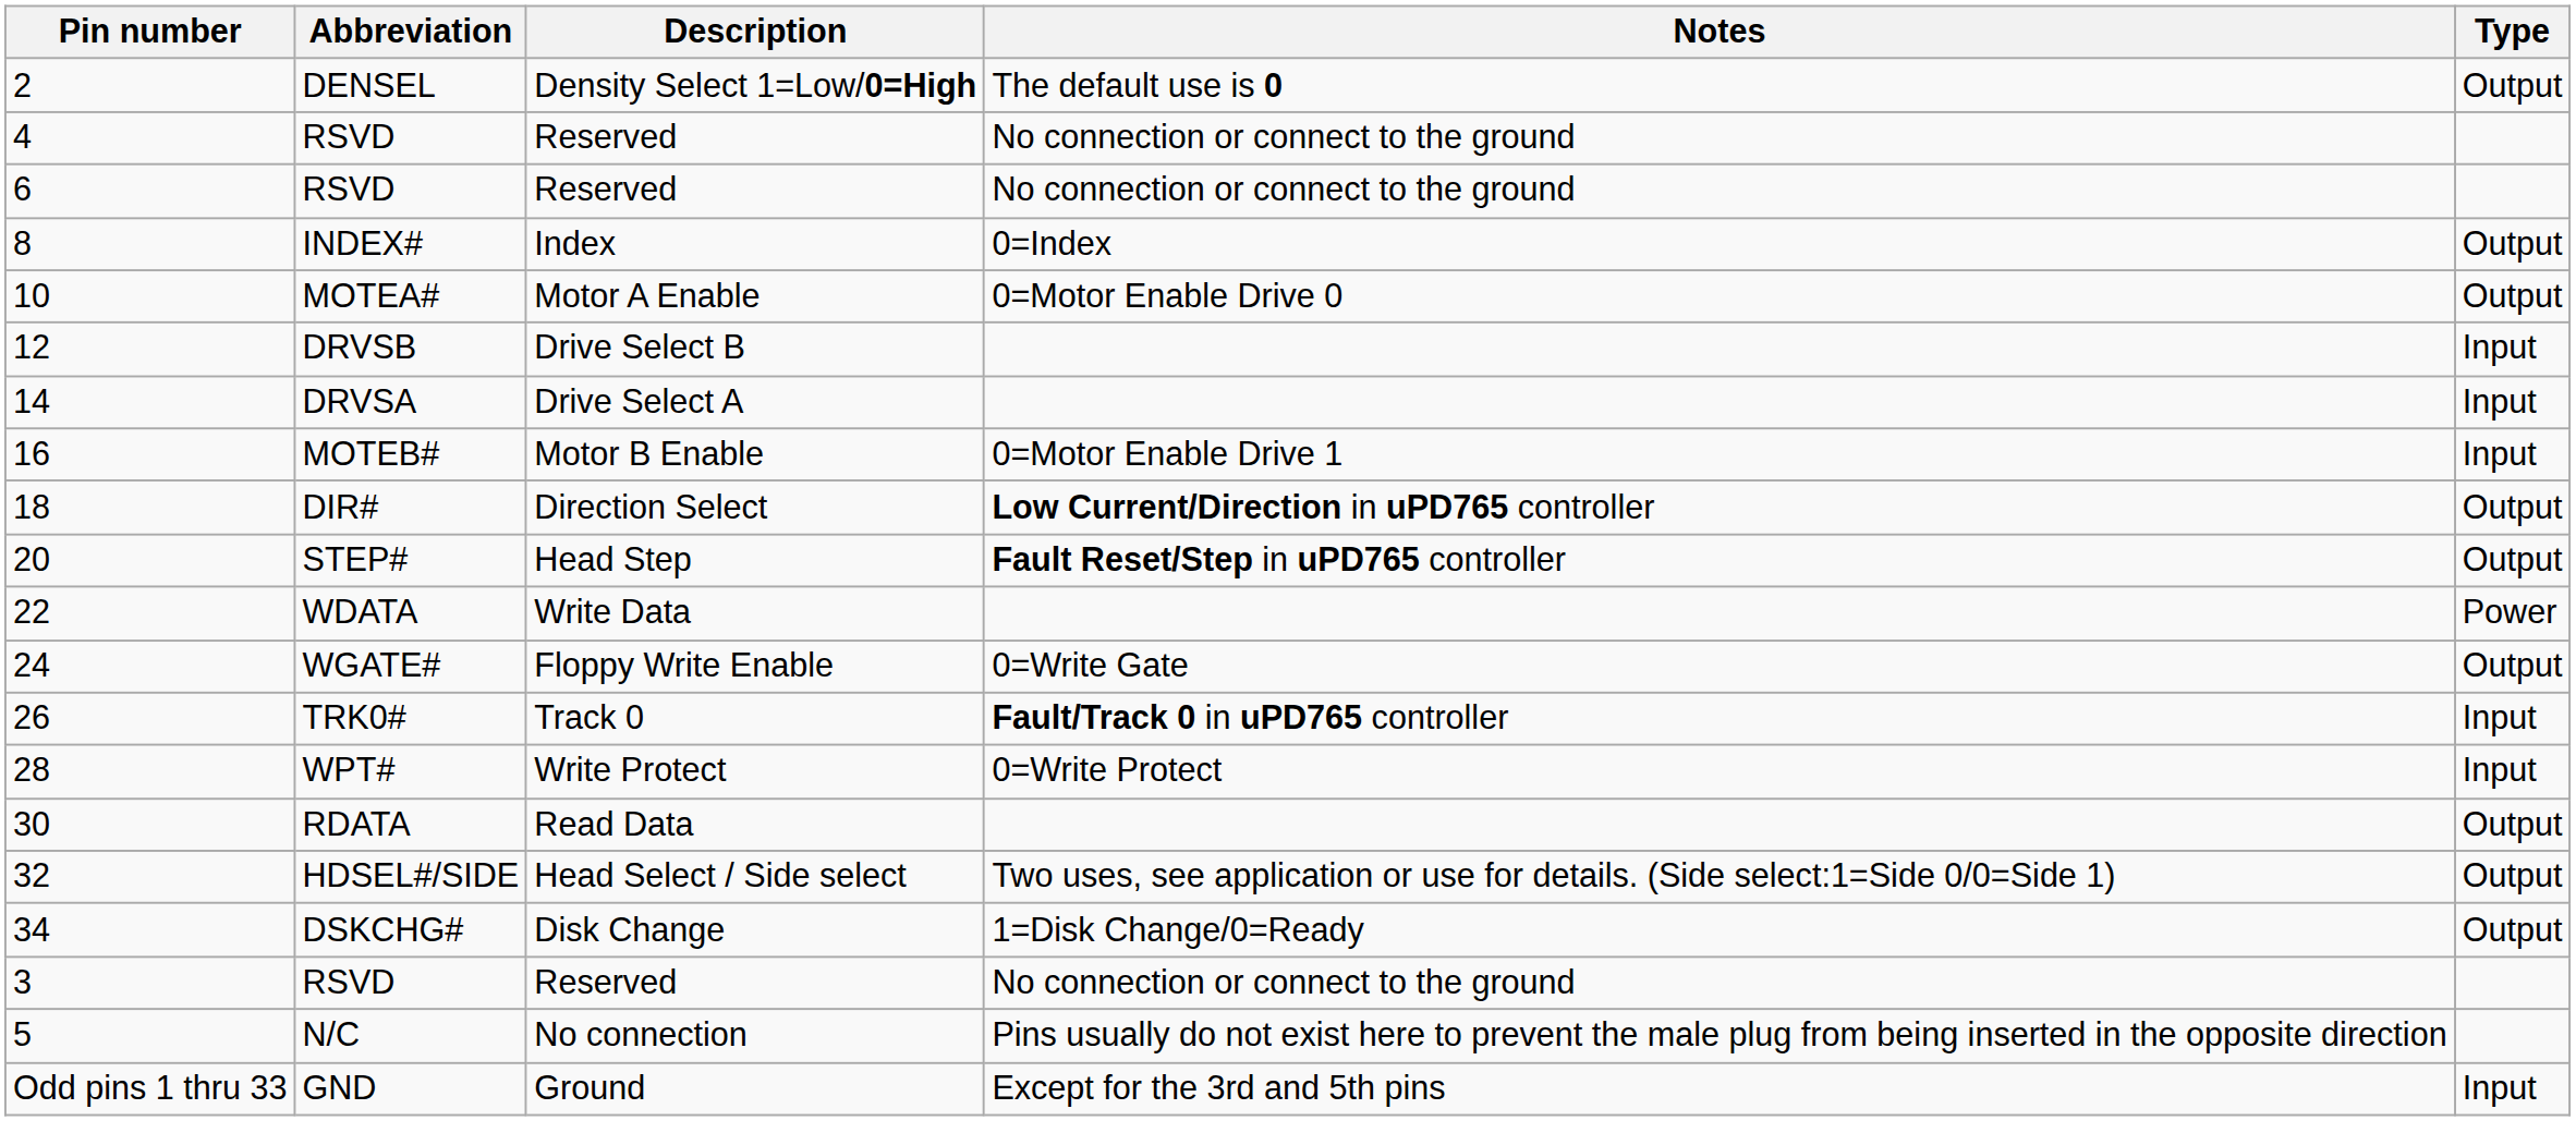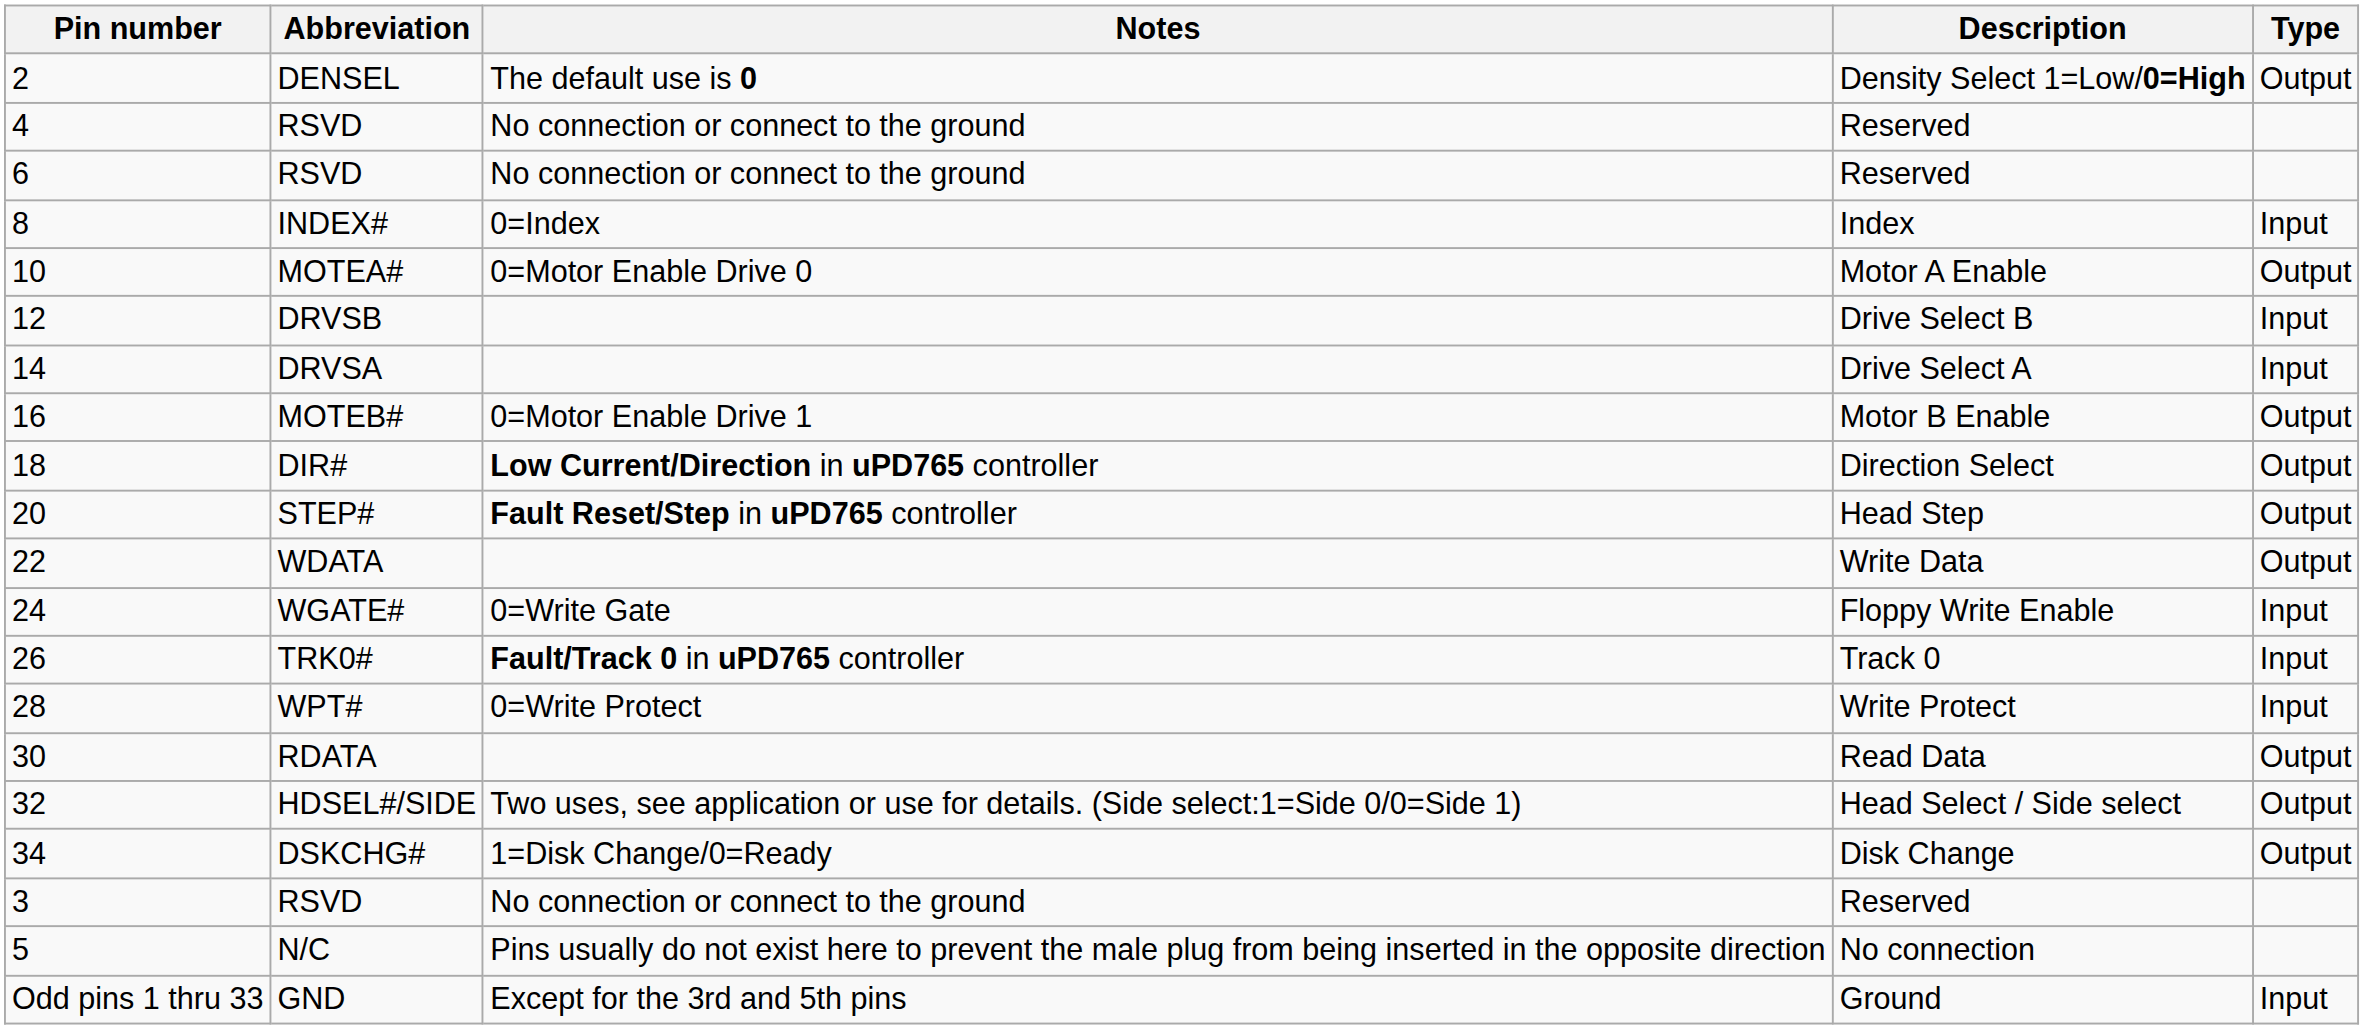 <table class="wikitable" style="border:1; display:inline-table">
 <tr>
 <th>Pin number</th>
 <th>Abbreviation</th>
+<th>Notes</th>
 <th>Description</th>
-<th>Notes</th>
 <th>Type</th>
 </tr>
 <tr>
 <td>2</td>
 <td>DENSEL</td>
+<td>The default use is <strong>0</strong></td>
 <td>Density Select 1=Low/<strong>0=High</strong></td>
-<td>The default use is <strong>0</strong></td>
 <td>Output</td>
 </tr>
 <tr>
 <td>4</td>
 <td>RSVD</td>
+<td>No connection or connect to the ground</td>
 <td>Reserved</td>
-<td>No connection or connect to the ground</td>
 <td></td>
 </tr>
 <tr>
 <td>6</td>
 <td>RSVD</td>
+<td>No connection or connect to the ground</td>
 <td>Reserved</td>
-<td>No connection or connect to the ground</td>
 <td></td>
 </tr>
 <tr>
 <td>8</td>
 <td>INDEX#</td>
+<td>0=Index</td>
 <td>Index</td>
-<td>0=Index</td>
-<td>Output</td>
+<td>Input</td>
 </tr>
 <tr>
 <td>10</td>
 <td>MOTEA#</td>
+<td>0=Motor Enable Drive 0</td>
 <td>Motor A Enable</td>
-<td>0=Motor Enable Drive 0</td>
 <td>Output</td>
 </tr>
 <tr>
 <td>12</td>
 <td>DRVSB</td>
+<td></td>
 <td>Drive Select B</td>
-<td></td>
 <td>Input</td>
 </tr>
 <tr>
 <td>14</td>
 <td>DRVSA</td>
+<td></td>
 <td>Drive Select A</td>
-<td></td>
 <td>Input</td>
 </tr>
 <tr>
 <td>16</td>
 <td>MOTEB#</td>
+<td>0=Motor  Enable Drive 1</td>
 <td>Motor B Enable</td>
-<td>0=Motor  Enable Drive 1</td>
-<td>Input</td>
+<td>Output</td>
 </tr>
 <tr>
 <td>18</td>
 <td>DIR#</td>
+<td><strong>Low   Current/Direction</strong> in <strong>uPD765</strong> controller</td>
 <td>Direction Select</td>
-<td><strong>Low   Current/Direction</strong> in <strong>uPD765</strong> controller</td>
 <td>Output</td>
 </tr>
 <tr>
 <td>20</td>
 <td>STEP#</td>
+<td><strong>Fault   Reset/Step</strong> in <strong>uPD765</strong> controller</td>
 <td>Head Step</td>
-<td><strong>Fault   Reset/Step</strong> in <strong>uPD765</strong> controller</td>
 <td>Output</td>
 </tr>
 <tr>
 <td>22</td>
 <td>WDATA</td>
+<td></td>
 <td>Write Data</td>
-<td></td>
-<td>Power</td>
+<td>Output</td>
 </tr>
 <tr>
 <td>24</td>
 <td>WGATE#</td>
+<td>0=Write Gate</td>
 <td>Floppy Write Enable</td>
-<td>0=Write Gate</td>
-<td>Output</td>
+<td>Input</td>
 </tr>
 <tr>
 <td>26</td>
 <td>TRK0#</td>
+<td><strong>Fault/Track  0</strong> in <strong>uPD765</strong> controller</td>
 <td>Track 0</td>
-<td><strong>Fault/Track  0</strong> in <strong>uPD765</strong> controller</td>
 <td>Input</td>
 </tr>
 <tr>
 <td>28</td>
 <td>WPT#</td>
+<td>0=Write Protect</td>
 <td>Write Protect</td>
-<td>0=Write Protect</td>
 <td>Input</td>
 </tr>
 <tr>
 <td>30</td>
 <td>RDATA</td>
+<td></td>
 <td>Read Data</td>
-<td></td>
 <td>Output</td>
 </tr>
 <tr>
 <td>32</td>
 <td>HDSEL#/SIDE</td>
+<td>Two uses, see application or use for details. (Side select:1=Side 0/0=Side 1)</td>
 <td>Head Select / Side select</td>
-<td>Two uses, see application or use for details. (Side select:1=Side 0/0=Side 1)</td>
 <td>Output</td>
 </tr>
 <tr>
 <td>34</td>
 <td>DSKCHG#</td>
+<td>1=Disk Change/0=Ready</td>
 <td>Disk Change</td>
-<td>1=Disk Change/0=Ready</td>
 <td>Output</td>
 </tr>
 <tr>
 <td>3</td>
 <td>RSVD</td>
+<td>No connection or connect to the ground</td>
 <td>Reserved</td>
-<td>No connection or connect to the ground</td>
 <td></td>
 </tr>
 <tr>
 <td>5</td>
 <td>N/C</td>
+<td>Pins usually do not exist here to prevent the male plug from being inserted in the opposite direction</td>
 <td>No connection</td>
-<td>Pins usually do not exist here to prevent the male plug from being inserted in the opposite direction</td>
 <td></td>
 </tr>
 <tr>
 <td>Odd pins 1 thru 33</td>
 <td>GND</td>
+<td>Except for the 3rd and 5th pins</td>
 <td>Ground</td>
-<td>Except for the 3rd and 5th pins</td>
 <td>Input</td>
 </tr>
 </table>
